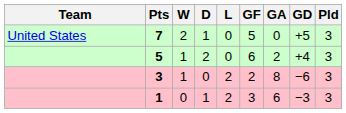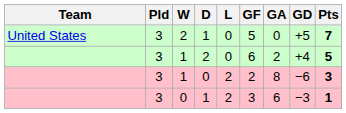 <table class="wikitable" style="text-align: center;">
 <tr>
 <th width="165">Team</th>
-<th width="20">Pts</th>
+<th width="20">Pld</th>
 <th width="20">W</th>
 <th width="20">D</th>
 <th width="20">L</th>
 <th width="20">GF</th>
 <th width="20">GA</th>
 <th width="20">GD</th>
-<th width="20">Pld</th>
+<th width="20">Pts</th>
 </tr>
 <tr style="background:#CCFFCC">
 <td align=left> <a href='#'>United States</a></td>
-<td><strong>7</strong></td>
+<td>3</td>
 <td>2</td>
 <td>1</td>
 <td>0</td>
 <td>5</td>
 <td>0</td>
 <td>+5</td>
-<td>3</td>
+<td><strong>7</strong></td>
 </tr>
 <tr style="background:#CCFFCC">
 <td align=left></td>
-<td><strong>5</strong></td>
+<td>3</td>
 <td>1</td>
 <td>2</td>
 <td>0</td>
 <td>6</td>
 <td>2</td>
 <td>+4</td>
-<td>3</td>
+<td><strong>5</strong></td>
 </tr>
 <tr style="background:#FFC0CB">
 <td align=left></td>
-<td><strong>3</strong></td>
+<td>3</td>
 <td>1</td>
 <td>0</td>
 <td>2</td>
 <td>2</td>
 <td>8</td>
 <td>−6</td>
-<td>3</td>
+<td><strong>3</strong></td>
 </tr>
 <tr style="background:#FFC0CB">
 <td align=left></td>
-<td><strong>1</strong></td>
+<td>3</td>
 <td>0</td>
 <td>1</td>
 <td>2</td>
 <td>3</td>
 <td>6</td>
 <td>−3</td>
-<td>3</td>
+<td><strong>1</strong></td>
 </tr>
 </table>
